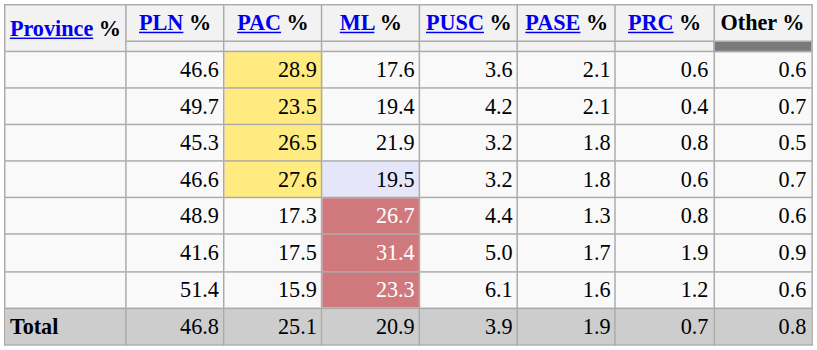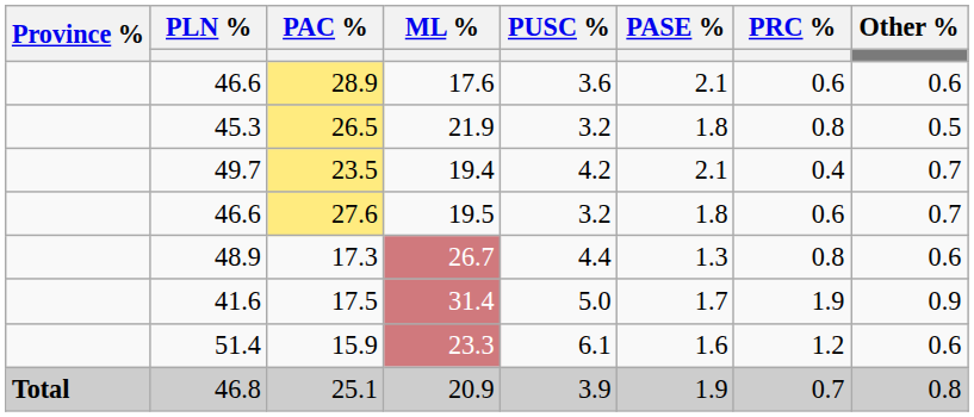 <table class="wikitable sortable" style="text-align:right; font-size:95%">
 <tr>
 <th rowspan=2><a href='#'>Province</a> %</th>
 <th width=60px><a href='#'>PLN</a> %</th>
 <th width=60px><a href='#'>PAC</a> %</th>
 <th width=60px><a href='#'>ML</a> %</th>
 <th width=60px><a href='#'>PUSC</a> %</th>
 <th width=60px><a href='#'>PASE</a> %</th>
 <th width=60px><a href='#'>PRC</a> %</th>
 <th width=60px>Other %</th>
 </tr>
 <tr>
 <th style="background:"></th>
 <th style="background:"></th>
 <th style="background:"></th>
 <th style="background:"></th>
 <th style="background:"></th>
 <th style="background:"></th>
 <th style="background:#7a7a7a"></th>
 </tr>
 <tr>
 <td align="left"></td>
 <td style="background:">46.6</td>
 <td style="background:#FFEB7F; color:black;">28.9</td>
 <td>17.6</td>
 <td>3.6</td>
 <td>2.1</td>
 <td>0.6</td>
 <td>0.6</td>
 </tr>
 <tr>
 <td align="left"></td>
+<td style="background:">45.3</td>
+<td style="background:#FFEB7F; color:black;">26.5</td>
+<td>21.9</td>
+<td>3.2</td>
+<td>1.8</td>
+<td>0.8</td>
+<td>0.5</td>
+</tr>
+<tr>
+<td align="left"></td>
 <td style="background:">49.7</td>
 <td style="background:#FFEB7F; color:black;">23.5</td>
 <td>19.4</td>
 <td>4.2</td>
 <td>2.1</td>
 <td>0.4</td>
 <td>0.7</td>
 </tr>
 <tr>
 <td align="left"></td>
-<td style="background:">45.3</td>
-<td style="background:#FFEB7F; color:black;">26.5</td>
-<td>21.9</td>
-<td>3.2</td>
-<td>1.8</td>
-<td>0.8</td>
-<td>0.5</td>
-</tr>
-<tr>
-<td align="left"></td>
 <td style="background:">46.6</td>
 <td style="background:#FFEB7F; color:black;">27.6</td>
-<td style="background: lavender;">19.5</td>
+<td>19.5</td>
 <td>3.2</td>
 <td>1.8</td>
 <td>0.6</td>
 <td>0.7</td>
 </tr>
 <tr>
 <td align="left"></td>
 <td style="background:">48.9</td>
 <td>17.3</td>
 <td style="background:#D0797D; color:white;">26.7</td>
 <td>4.4</td>
 <td>1.3</td>
 <td>0.8</td>
 <td>0.6</td>
 </tr>
 <tr>
 <td align="left"></td>
 <td style="background:">41.6</td>
 <td>17.5</td>
 <td style="background:#D0797D; color:white;">31.4</td>
 <td>5.0</td>
 <td>1.7</td>
 <td>1.9</td>
 <td>0.9</td>
 </tr>
 <tr>
 <td align="left"></td>
 <td style="background:">51.4</td>
 <td>15.9</td>
 <td style="background:#D0797D; color:white;">23.3</td>
 <td>6.1</td>
 <td>1.6</td>
 <td>1.2</td>
 <td>0.6</td>
 </tr>
 <tr style="background:#CDCDCD;">
 <td align="left"><strong>Total</strong></td>
 <td style="background:">46.8</td>
 <td>25.1</td>
 <td>20.9</td>
 <td>3.9</td>
 <td>1.9</td>
 <td>0.7</td>
 <td>0.8</td>
 </tr>
 </table>
